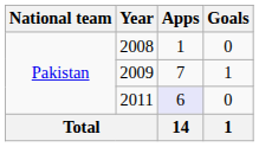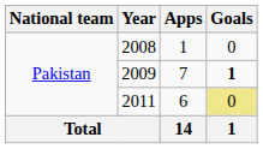 <table class="wikitable" style="text-align:center">
 <tr>
 <th>National team</th>
 <th>Year</th>
 <th>Apps</th>
 <th>Goals</th>
 </tr>
 <tr>
 <td rowspan="3"><a href='#'>Pakistan</a></td>
 <td>2008</td>
 <td>1</td>
 <td>0</td>
 </tr>
 <tr>
 <td>2009</td>
 <td>7</td>
-<td>1</td>
+<td><strong>1</strong></td>
 </tr>
 <tr>
 <td>2011</td>
-<td style="background: lavender;">6</td>
-<td>0</td>
+<td>6</td>
+<td style="background: khaki;">0</td>
 </tr>
 <tr>
 <th colspan="2">Total</th>
 <th>14</th>
 <th>1</th>
 </tr>
 </table>
